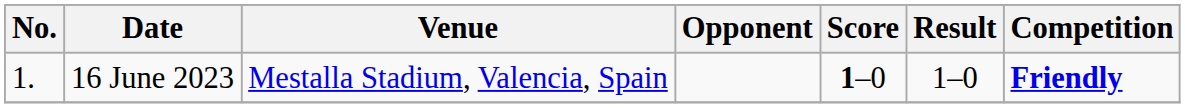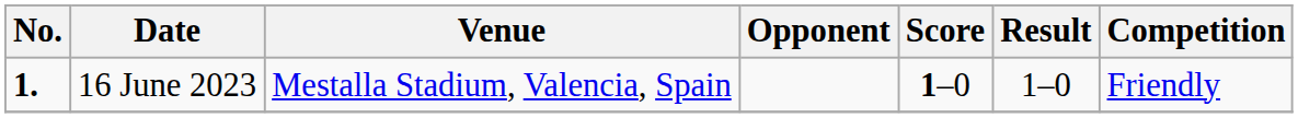 <table class="wikitable">
 <tr>
 <th>No.</th>
 <th>Date</th>
 <th>Venue</th>
 <th>Opponent</th>
 <th>Score</th>
 <th>Result</th>
 <th>Competition</th>
 </tr>
 <tr>
-<td>1.</td>
+<td><strong>1.</strong></td>
 <td>16 June 2023</td>
 <td><a href='#'>Mestalla Stadium</a>, <a href='#'>Valencia</a>, <a href='#'>Spain</a></td>
 <td></td>
 <td align=center><strong>1</strong>–0</td>
 <td align=center>1–0</td>
-<td><strong><a href='#'>Friendly</a></strong></td>
+<td><a href='#'>Friendly</a></td>
 </tr>
 <tr>
 </tr>
 </table>
